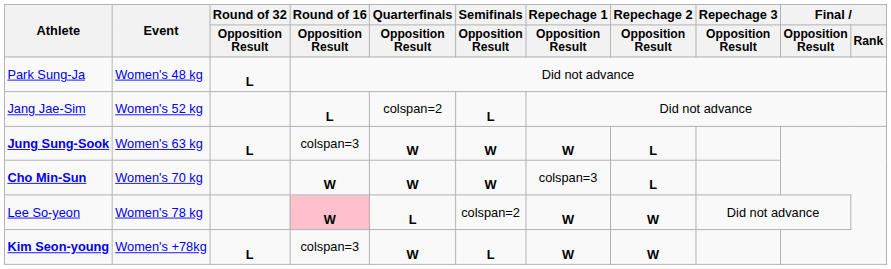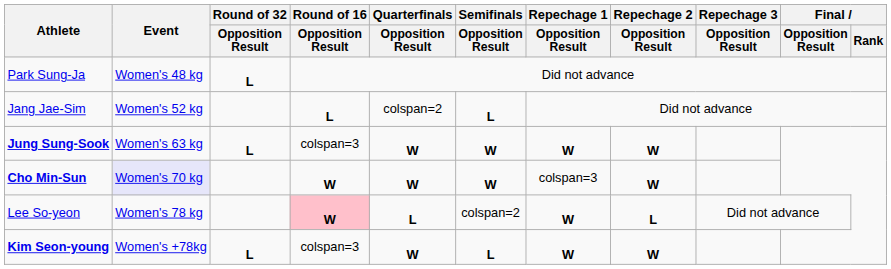 <table class="wikitable" style="font-size:90%">
 <tr>
 <th rowspan="2">Athlete</th>
 <th rowspan="2">Event</th>
 <th>Round of 32</th>
 <th>Round of 16</th>
 <th>Quarterfinals</th>
 <th>Semifinals</th>
 <th>Repechage 1</th>
 <th>Repechage 2</th>
 <th>Repechage 3</th>
 <th colspan=2>Final / </th>
 </tr>
 <tr style="font-size:95%">
 <th>Opposition<br>Result</th>
 <th>Opposition<br>Result</th>
 <th>Opposition<br>Result</th>
 <th>Opposition<br>Result</th>
 <th>Opposition<br>Result</th>
 <th>Opposition<br>Result</th>
 <th>Opposition<br>Result</th>
 <th>Opposition<br>Result</th>
 <th>Rank</th>
 </tr>
 <tr style="text-align: center;">
 <td style="text-align: left;"><a href='#'>Park Sung-Ja</a></td>
 <td style="text-align: left;"><a href='#'>Women's 48 kg</a></td>
 <td><br><strong>L</strong></td>
 <td colspan=8>Did not advance</td>
 </tr>
 <tr style="text-align: center;">
 <td style="text-align: left;"><a href='#'>Jang Jae-Sim</a></td>
 <td style="text-align: left;"><a href='#'>Women's 52 kg</a></td>
 <td></td>
 <td><br><strong>L</strong></td>
 <td>colspan=2 </td>
 <td><br><strong>L</strong></td>
 <td colspan=5>Did not advance</td>
 </tr>
 <tr style="text-align: center;">
 <td style="text-align: left;"><strong><a href='#'>Jung Sung-Sook</a></strong></td>
 <td style="text-align: left;"><a href='#'>Women's 63 kg</a></td>
 <td><br><strong>L</strong></td>
 <td>colspan=3 </td>
 <td><br><strong>W</strong></td>
 <td><br><strong>W</strong></td>
 <td><br><strong>W</strong></td>
-<td><br><strong>L</strong></td>
+<td><br><strong>W</strong></td>
 <td></td>
 </tr>
 <tr style="text-align: center;">
 <td style="text-align: left;"><strong><a href='#'>Cho Min-Sun</a></strong></td>
-<td style="text-align: left;"><a href='#'>Women's 70 kg</a></td>
+<td style="background: lavender; text-align: left;"><a href='#'>Women's 70 kg</a></td>
 <td></td>
 <td><br><strong>W</strong></td>
 <td><br><strong>W</strong></td>
 <td><br><strong>W</strong></td>
 <td>colspan=3 </td>
-<td><br><strong>L</strong></td>
+<td><br><strong>W</strong></td>
 <td></td>
 </tr>
 <tr style="text-align: center;">
 <td style="text-align: left;"><a href='#'>Lee So-yeon</a></td>
 <td style="text-align: left;"><a href='#'>Women's 78 kg</a></td>
 <td></td>
 <td style="background: pink;"><br><strong>W</strong></td>
 <td><br><strong>L</strong></td>
 <td>colspan=2 </td>
 <td><br><strong>W</strong></td>
-<td><br><strong>W</strong></td>
+<td><br><strong>L</strong></td>
 <td colspan=2>Did not advance</td>
 </tr>
 <tr style="text-align: center;">
 <td style="text-align: left;"><strong><a href='#'>Kim Seon-young</a></strong></td>
 <td style="text-align: left;"><a href='#'>Women's +78kg</a></td>
 <td><br><strong>L</strong></td>
 <td>colspan=3 </td>
 <td><br><strong>W</strong></td>
 <td><br><strong>L</strong></td>
 <td><br><strong>W</strong></td>
 <td><br><strong>W</strong></td>
 <td></td>
 </tr>
 </table>
